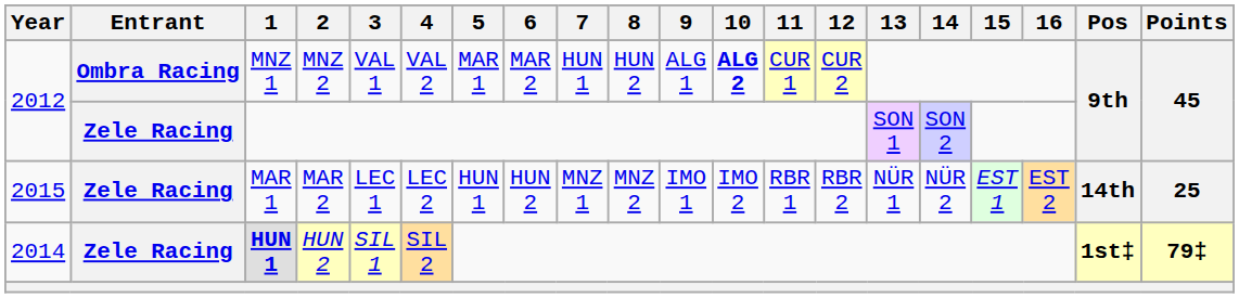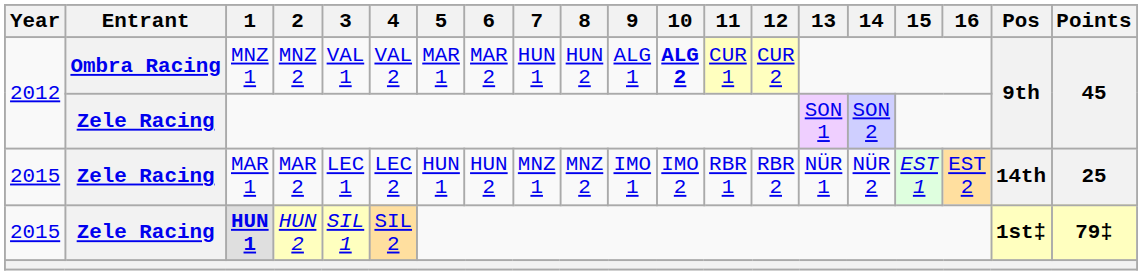 <table class="wikitable" style="text-align:center; font-size:85%">
 <tr>
 <th>Year</th>
 <th>Entrant</th>
 <th>1</th>
 <th>2</th>
 <th>3</th>
 <th>4</th>
 <th>5</th>
 <th>6</th>
 <th>7</th>
 <th>8</th>
 <th>9</th>
 <th>10</th>
 <th>11</th>
 <th>12</th>
 <th>13</th>
 <th>14</th>
 <th>15</th>
 <th>16</th>
 <th>Pos</th>
 <th>Points</th>
 </tr>
 <tr>
 <td rowspan=2><a href='#'>2012</a></td>
 <th nowrap><a href='#'>Ombra Racing</a></th>
 <td><a href='#'>MNZ<br>1</a></td>
 <td><a href='#'>MNZ<br>2</a></td>
 <td><a href='#'>VAL<br>1</a></td>
 <td><a href='#'>VAL<br>2</a></td>
 <td><a href='#'>MAR<br>1</a></td>
 <td><a href='#'>MAR<br>2</a></td>
 <td><a href='#'>HUN<br>1</a></td>
 <td><a href='#'>HUN<br>2</a></td>
 <td><a href='#'>ALG<br>1</a></td>
 <td><strong><a href='#'>ALG<br>2</a></strong></td>
 <td style="background:#FFFFBF;"><a href='#'>CUR<br>1</a><br></td>
 <td style="background:#FFFFBF;"><a href='#'>CUR<br>2</a><br></td>
 <td colspan=4></td>
 <th rowspan=2>9th</th>
 <th rowspan=2>45</th>
 </tr>
 <tr>
 <th nowrap><a href='#'>Zele Racing</a></th>
 <td colspan=12></td>
 <td style="background:#EFCFFF;"><a href='#'>SON<br>1</a><br></td>
 <td style="background:#CFCFFF;"><a href='#'>SON<br>2</a><br></td>
 <td colspan=2></td>
 </tr>
 <tr>
 <td><a href='#'>2015</a></td>
 <th nowrap><a href='#'>Zele Racing</a></th>
 <td><a href='#'>MAR<br>1</a></td>
 <td><a href='#'>MAR<br>2</a></td>
 <td><a href='#'>LEC<br>1</a></td>
 <td><a href='#'>LEC<br>2</a></td>
 <td><a href='#'>HUN<br>1</a></td>
 <td><a href='#'>HUN<br>2</a></td>
 <td><a href='#'>MNZ<br>1</a></td>
 <td><a href='#'>MNZ<br>2</a></td>
 <td><a href='#'>IMO<br>1</a></td>
 <td><a href='#'>IMO<br>2</a></td>
 <td><a href='#'>RBR<br>1</a></td>
 <td><a href='#'>RBR<br>2</a></td>
 <td><a href='#'>NÜR<br>1</a></td>
 <td><a href='#'>NÜR<br>2</a></td>
 <td style="background:#DFFFDF;"><em><a href='#'>EST<br>1</a></em><br></td>
 <td style="background:#FFDF9F;"><a href='#'>EST<br>2</a><br></td>
 <th>14th</th>
 <th>25</th>
 </tr>
 <tr>
-<td><a href='#'>2014</a></td>
+<td><a href='#'>2015</a></td>
 <th nowrap><a href='#'>Zele Racing</a></th>
 <td style="background:#DFDFDF;"><strong><a href='#'>HUN<br>1</a></strong><br></td>
 <td style="background:#FFFFBF;"><em><a href='#'>HUN<br>2</a></em><br></td>
 <td style="background:#FFFFBF;"><em><a href='#'>SIL<br>1</a></em><br></td>
 <td style="background:#FFDF9F;"><a href='#'>SIL<br>2</a><br></td>
 <td colspan=12></td>
 <th style="background:#FFFFBF;">1st‡</th>
 <th style="background:#FFFFBF;">79‡</th>
 </tr>
 <tr>
 <th colspan="20"></th>
 </tr>
 </table>
